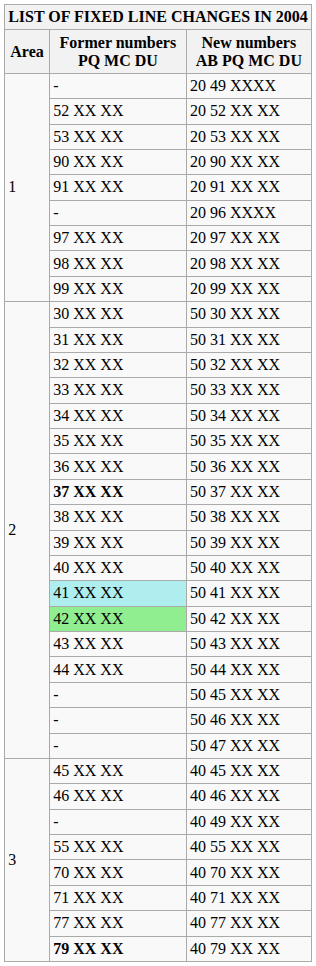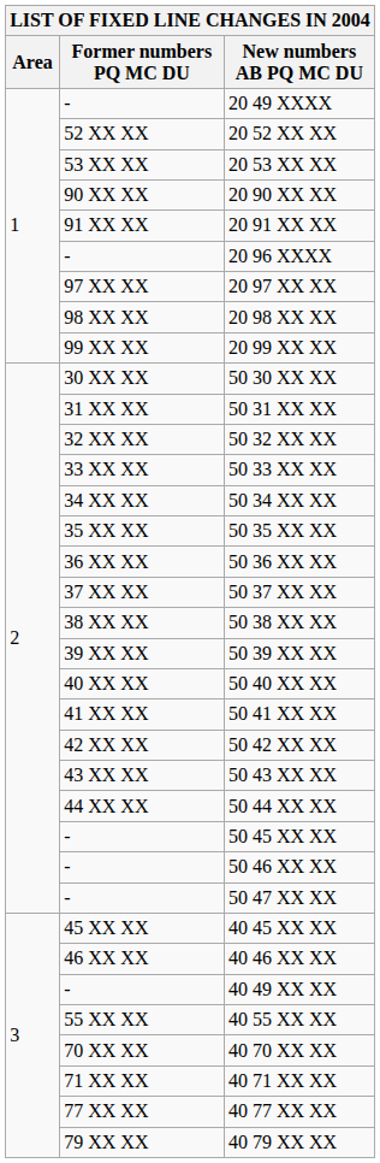 <table class="wikitable">
 <tr>
 <th colspan="4">LIST OF FIXED LINE CHANGES IN 2004</th>
 </tr>
 <tr>
 <th>Area</th>
 <th>Former numbers<br>PQ MC DU</th>
 <th>New numbers<br>AB PQ MC DU</th>
 </tr>
 <tr>
 <td rowspan="9">1</td>
 <td>-</td>
 <td>20 49 XXXX</td>
 </tr>
 <tr>
 <td>52 XX XX</td>
 <td>20 52 XX XX</td>
 </tr>
 <tr>
 <td>53 XX XX</td>
 <td>20 53 XX XX</td>
 </tr>
 <tr>
 <td>90 XX XX</td>
 <td>20 90 XX XX</td>
 </tr>
 <tr>
 <td>91 XX XX</td>
 <td>20 91 XX XX</td>
 </tr>
 <tr>
 <td>-</td>
 <td>20 96 XXXX</td>
 </tr>
 <tr>
 <td>97 XX XX</td>
 <td>20 97 XX XX</td>
 </tr>
 <tr>
 <td>98 XX XX</td>
 <td>20 98 XX XX</td>
 </tr>
 <tr>
 <td>99 XX XX</td>
 <td>20 99 XX XX</td>
 </tr>
 <tr>
 <td rowspan="18">2</td>
 <td>30 XX XX</td>
 <td>50 30 XX XX</td>
 </tr>
 <tr>
 <td>31 XX XX</td>
 <td>50 31 XX XX</td>
 </tr>
 <tr>
 <td>32 XX XX</td>
 <td>50 32 XX XX</td>
 </tr>
 <tr>
 <td>33 XX XX</td>
 <td>50 33 XX XX</td>
 </tr>
 <tr>
 <td>34 XX XX</td>
 <td>50 34 XX XX</td>
 </tr>
 <tr>
 <td>35 XX XX</td>
 <td>50 35 XX XX</td>
 </tr>
 <tr>
 <td>36 XX XX</td>
 <td>50 36 XX XX</td>
 </tr>
 <tr>
-<td><strong>37 XX XX</strong></td>
+<td>37 XX XX</td>
 <td>50 37 XX XX</td>
 </tr>
 <tr>
 <td>38 XX XX</td>
 <td>50 38 XX XX</td>
 </tr>
 <tr>
 <td>39 XX XX</td>
 <td>50 39 XX XX</td>
 </tr>
 <tr>
 <td>40 XX XX</td>
 <td>50 40 XX XX</td>
 </tr>
 <tr>
-<td style="background: paleturquoise;">41 XX XX</td>
+<td>41 XX XX</td>
 <td>50 41 XX XX</td>
 </tr>
 <tr>
-<td style="background: lightgreen;">42 XX XX</td>
+<td>42 XX XX</td>
 <td>50 42 XX XX</td>
 </tr>
 <tr>
 <td>43 XX XX</td>
 <td>50 43 XX XX</td>
 </tr>
 <tr>
 <td>44 XX XX</td>
 <td>50 44 XX XX</td>
 </tr>
 <tr>
 <td>-</td>
 <td>50 45 XX XX</td>
 </tr>
 <tr>
 <td>-</td>
 <td>50 46 XX XX</td>
 </tr>
 <tr>
 <td>-</td>
 <td>50 47 XX XX</td>
 </tr>
 <tr>
 <td rowspan="8">3</td>
 <td>45 XX XX</td>
 <td>40 45 XX XX</td>
 </tr>
 <tr>
 <td>46 XX XX</td>
 <td>40 46 XX XX</td>
 </tr>
 <tr>
 <td>-</td>
 <td>40 49 XX XX</td>
 </tr>
 <tr>
 <td>55 XX XX</td>
 <td>40 55 XX XX</td>
 </tr>
 <tr>
 <td>70 XX XX</td>
 <td>40 70 XX XX</td>
 </tr>
 <tr>
 <td>71 XX XX</td>
 <td>40 71 XX XX</td>
 </tr>
 <tr>
 <td>77 XX XX</td>
 <td>40 77 XX XX</td>
 </tr>
 <tr>
-<td><strong>79 XX XX</strong></td>
+<td>79 XX XX</td>
 <td>40 79 XX XX</td>
 </tr>
 </table>
